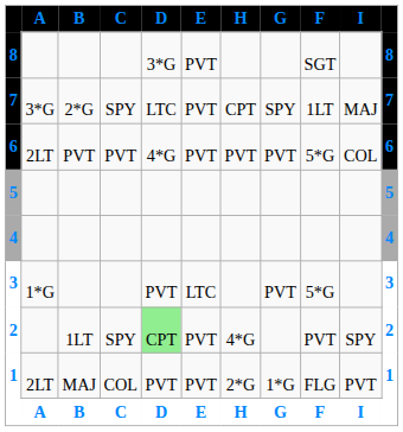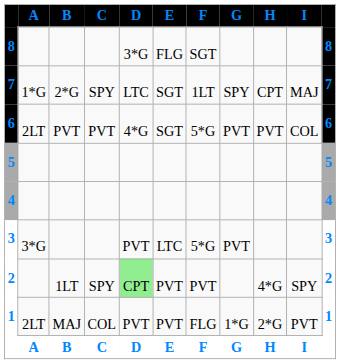 <table class="wikitable floatright" style="font-size:100%;text-align:center;">
 <tr>
 <th style="border:none;background:#000;"> </th>
 <th style="border:none;background:#000;color:#08f;">A</th>
 <th style="border:none;background:#000;color:#08f;">B</th>
 <th style="border:none;background:#000;color:#08f;">C</th>
 <th style="border:none;background:#000;color:#08f;">D</th>
 <th style="border:none;background:#000;color:#08f;">E</th>
+<th style="border:none;background:#000;color:#08f;">F</th>
+<th style="border:none;background:#000;color:#08f;">G</th>
 <th style="border:none;background:#000;color:#08f;">H</th>
-<th style="border:none;background:#000;color:#08f;">G</th>
-<th style="border:none;background:#000;color:#08f;">F</th>
 <th style="border:none;background:#000;color:#08f;">I</th>
 <th style="border:none;background:#000;"> </th>
 </tr>
 <tr>
 <th style="border:none;background:#000;color:#08f;">8</th>
 <td></td>
 <td></td>
 <td></td>
 <td><br>3*G</td>
-<td><br>PVT</td>
+<td><br>FLG</td>
+<td><br>SGT</td>
 <td></td>
 <td></td>
-<td><br>SGT</td>
 <td></td>
 <th style="border:none;background:#000;color:#08f;">8</th>
 </tr>
 <tr>
 <th style="border:none;background:#000;color:#08f;">7</th>
-<td><br>3*G</td>
+<td><br>1*G</td>
 <td><br>2*G</td>
 <td><br>SPY</td>
 <td><br>LTC</td>
-<td><br>PVT</td>
+<td><br>SGT</td>
+<td><br>1LT</td>
+<td><br>SPY</td>
 <td><br>CPT</td>
-<td><br>SPY</td>
-<td><br>1LT</td>
 <td><br>MAJ</td>
 <th style="border:none;background:#000;color:#08f;">7</th>
 </tr>
 <tr>
 <th style="border:none;background:#000;color:#08f;">6</th>
 <td><br>2LT</td>
 <td><br>PVT</td>
 <td><br>PVT</td>
 <td><br>4*G</td>
+<td><br>SGT</td>
+<td><br>5*G</td>
 <td><br>PVT</td>
 <td><br>PVT</td>
-<td><br>PVT</td>
-<td><br>5*G</td>
 <td><br>COL</td>
 <th style="border:none;background:#000;color:#08f;">6</th>
 </tr>
 <tr>
 <th style="border:none;background:#aaa;color:#08f;">5</th>
 <td><br> </td>
 <td></td>
 <td></td>
 <td><br> </td>
 <td></td>
 <td></td>
 <td><br> </td>
 <td></td>
 <td></td>
 <th style="border:none;background:#aaa;color:#08f;">5</th>
 </tr>
 <tr>
 <th style="border:none;background:#aaa;color:#08f;">4</th>
 <td><br> </td>
 <td></td>
 <td></td>
 <td><br> </td>
 <td></td>
 <td></td>
 <td><br> </td>
 <td></td>
 <td></td>
 <th style="border:none;background:#aaa;color:#08f;">4</th>
 </tr>
 <tr>
 <th style="border:none;background:#fff;color:#08f;">3</th>
-<td><br>1*G</td>
+<td><br>3*G</td>
 <td></td>
 <td></td>
 <td><br>PVT</td>
 <td><br>LTC</td>
+<td><br>5*G</td>
+<td><br>PVT</td>
 <td></td>
-<td><br>PVT</td>
-<td><br>5*G</td>
 <td></td>
 <th style="border:none;background:#fff;color:#08f;">3</th>
 </tr>
 <tr>
 <th style="border:none;background:#fff;color:#08f;">2</th>
 <td></td>
 <td><br>1LT</td>
 <td><br>SPY</td>
 <td style="background: lightgreen;"><br>CPT</td>
 <td><br>PVT</td>
+<td><br>PVT</td>
+<td></td>
 <td><br>4*G</td>
-<td></td>
-<td><br>PVT</td>
 <td><br>SPY</td>
 <th style="border:none;background:#fff;color:#08f;">2</th>
 </tr>
 <tr>
 <th style="border:none;background:#fff;color:#08f;">1</th>
 <td><br>2LT</td>
 <td><br>MAJ</td>
 <td><br>COL</td>
 <td><br>PVT</td>
 <td><br>PVT</td>
+<td><br>FLG</td>
+<td><br>1*G</td>
 <td><br>2*G</td>
-<td><br>1*G</td>
-<td><br>FLG</td>
 <td><br>PVT</td>
 <th style="border:none;background:#fff;color:#08f;">1</th>
 </tr>
 <tr>
 <th style="border:none;background:#fff;"> </th>
 <th style="border:none;background:#fff;color:#08f;">A</th>
 <th style="border:none;background:#fff;color:#08f;">B</th>
 <th style="border:none;background:#fff;color:#08f;">C</th>
 <th style="border:none;background:#fff;color:#08f;">D</th>
 <th style="border:none;background:#fff;color:#08f;">E</th>
+<th style="border:none;background:#fff;color:#08f;">F</th>
+<th style="border:none;background:#fff;color:#08f;">G</th>
 <th style="border:none;background:#fff;color:#08f;">H</th>
-<th style="border:none;background:#fff;color:#08f;">G</th>
-<th style="border:none;background:#fff;color:#08f;">F</th>
 <th style="border:none;background:#fff;color:#08f;">I</th>
 <th style="border:none;background:#fff;"> </th>
 </tr>
 </table>
